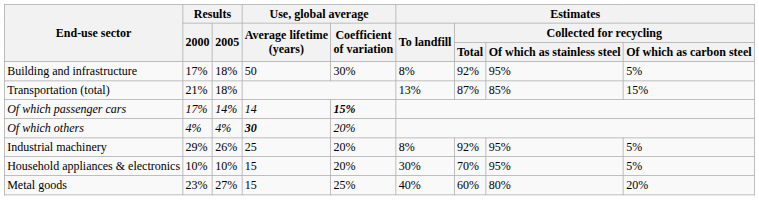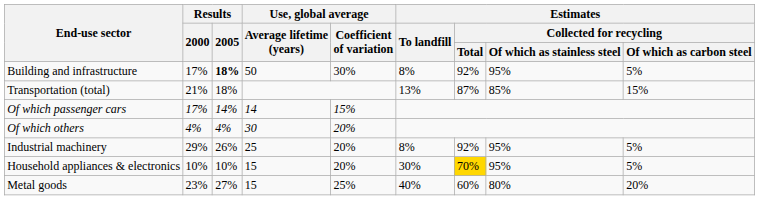 <table class="wikitable">
 <tr>
 <th rowspan="3">End-use sector</th>
 <th colspan="2">Results</th>
 <th colspan="2">Use, global average</th>
 <th colspan="4">Estimates</th>
 </tr>
 <tr>
 <th rowspan="2">2000</th>
 <th rowspan="2">2005</th>
 <th rowspan="2">Average lifetime <br>(years)</th>
 <th rowspan="2">Coefficient <br>of variation</th>
 <th rowspan="2">To landfill</th>
 <th colspan="3">Collected for recycling</th>
 </tr>
 <tr>
 <th>Total</th>
 <th>Of which as stainless steel</th>
 <th>Of which as carbon steel</th>
 </tr>
 <tr>
 <td>Building and infrastructure</td>
 <td>17%</td>
-<td>18%</td>
+<td><strong>18%</strong></td>
 <td>50</td>
 <td>30%</td>
 <td>8%</td>
 <td>92%</td>
 <td>95%</td>
 <td>5%</td>
 </tr>
 <tr>
 <td>Transportation (total)</td>
 <td>21%</td>
 <td>18%</td>
 <td colspan="2"></td>
 <td>13%</td>
 <td>87%</td>
 <td>85%</td>
 <td>15%</td>
 </tr>
 <tr>
 <td><em>Of which passenger cars</em></td>
 <td><em>17%</em></td>
 <td><em>14%</em></td>
 <td><em>14</em></td>
-<td><strong><em>15%</em></strong></td>
+<td><em>15%</em></td>
 <td colspan="4"></td>
 </tr>
 <tr>
 <td><em>Of which others</em></td>
 <td><em>4%</em></td>
 <td><em>4%</em></td>
-<td><strong><em>30</em></strong></td>
+<td><em>30</em></td>
 <td><em>20%</em></td>
 <td colspan="4"></td>
 </tr>
 <tr>
 <td>Industrial machinery</td>
 <td>29%</td>
 <td>26%</td>
 <td>25</td>
 <td>20%</td>
 <td>8%</td>
 <td>92%</td>
 <td>95%</td>
 <td>5%</td>
 </tr>
 <tr>
 <td>Household appliances & electronics</td>
 <td>10%</td>
 <td>10%</td>
 <td>15</td>
 <td>20%</td>
 <td>30%</td>
-<td>70%</td>
+<td style="background: gold;">70%</td>
 <td>95%</td>
 <td>5%</td>
 </tr>
 <tr>
 <td>Metal goods</td>
 <td>23%</td>
 <td>27%</td>
 <td>15</td>
 <td>25%</td>
 <td>40%</td>
 <td>60%</td>
 <td>80%</td>
 <td>20%</td>
 </tr>
 </table>
